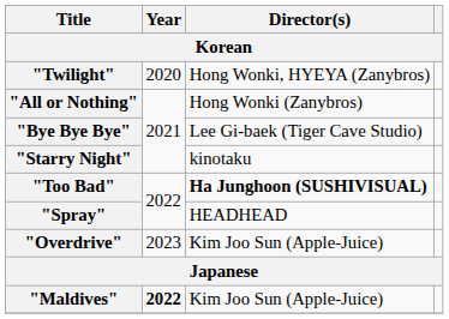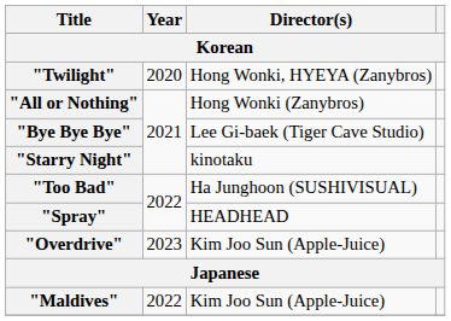 <table class="wikitable plainrowheaders">
 <tr>
 <th scope="col">Title</th>
 <th scope="col">Year</th>
 <th scope="col">Director(s)</th>
 <th scope="col"></th>
 </tr>
 <tr>
 <th colspan="4">Korean</th>
 </tr>
 <tr>
 <th scope="row">"Twilight"</th>
 <td>2020</td>
 <td>Hong Wonki, HYEYA (Zanybros)</td>
 <td></td>
 </tr>
 <tr>
 <th scope="row">"All or Nothing" <br></th>
 <td rowspan="3">2021</td>
 <td>Hong Wonki (Zanybros)</td>
 <td></td>
 </tr>
 <tr>
 <th scope="row">"Bye Bye Bye"</th>
 <td>Lee Gi-baek (Tiger Cave Studio)</td>
 <td></td>
 </tr>
 <tr>
 <th scope="row">"Starry Night" <br></th>
 <td>kinotaku</td>
 <td></td>
 </tr>
 <tr>
 <th scope="row">"Too Bad"</th>
 <td rowspan="2">2022</td>
-<td><strong>Ha Junghoon (SUSHIVISUAL)</strong></td>
+<td>Ha Junghoon (SUSHIVISUAL)</td>
 <td></td>
 </tr>
 <tr>
 <th scope="row">"Spray"</th>
 <td>HEADHEAD</td>
 <td></td>
 </tr>
 <tr>
 <th scope="row">"Overdrive" </th>
 <td>2023</td>
 <td>Kim Joo Sun (Apple-Juice)</td>
 <td></td>
 </tr>
 <tr>
 <th colspan="4">Japanese</th>
 </tr>
 <tr>
 <th scope="row">"Maldives"</th>
-<td><strong>2022</strong></td>
+<td>2022</td>
 <td>Kim Joo Sun (Apple-Juice)</td>
 <td></td>
 </tr>
 <tr>
 </tr>
 </table>
